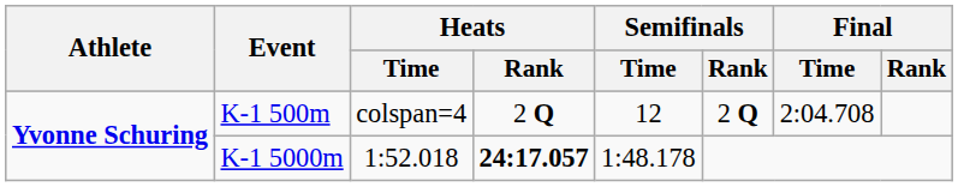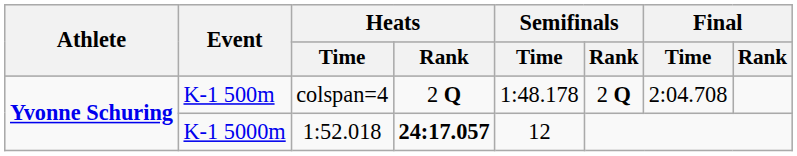 <table class="wikitable" style="font-size:90%">
 <tr>
 <th rowspan=2>Athlete</th>
 <th rowspan=2>Event</th>
 <th colspan=2>Heats</th>
 <th colspan=2>Semifinals</th>
 <th colspan=2>Final</th>
 </tr>
 <tr style="font-size:95%">
 <th>Time</th>
 <th>Rank</th>
 <th>Time</th>
 <th>Rank</th>
 <th>Time</th>
 <th>Rank</th>
 </tr>
 <tr align=center>
 <td align=left rowspan=2><strong><a href='#'>Yvonne Schuring</a></strong></td>
 <td align=left><a href='#'>K-1 500m</a></td>
 <td>colspan=4 </td>
 <td>2 <strong>Q</strong></td>
-<td>12</td>
+<td>1:48.178</td>
 <td>2 <strong>Q</strong></td>
 <td>2:04.708</td>
 <td></td>
 </tr>
 <tr align=center>
 <td align=left><a href='#'>K-1 5000m</a></td>
 <td>1:52.018</td>
 <td><strong>24:17.057</strong></td>
-<td>1:48.178</td>
+<td>12</td>
 </tr>
 </table>
